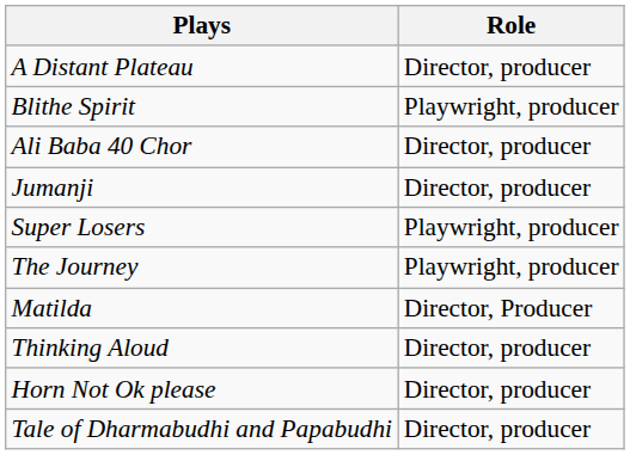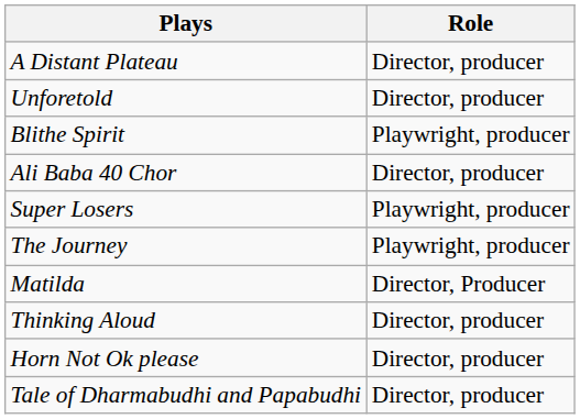 <table class="wikitable sortable">
 <tr>
 <th>Plays</th>
 <th>Role</th>
 </tr>
 <tr>
 <td><em>A Distant Plateau</em></td>
 <td>Director, producer</td>
 </tr>
 <tr>
+<td><em>Unforetold</em></td>
+<td>Director, producer</td>
+</tr>
+<tr>
 <td><em>Blithe Spirit</em></td>
 <td>Playwright, producer</td>
 </tr>
 <tr>
 <td><em>Ali Baba 40 Chor</em></td>
-<td>Director, producer</td>
-</tr>
-<tr>
-<td><em>Jumanji</em> </td>
 <td>Director, producer</td>
 </tr>
 <tr>
 <td><em>Super Losers</em> </td>
 <td>Playwright, producer</td>
 </tr>
 <tr>
 <td><em>The Journey</em></td>
 <td>Playwright, producer</td>
 </tr>
 <tr>
 <td><em>Matilda</em></td>
 <td>Director, Producer</td>
 </tr>
 <tr>
 <td><em>Thinking Aloud</em></td>
 <td>Director, producer</td>
 </tr>
 <tr>
 <td><em>Horn Not Ok please</em></td>
 <td>Director, producer</td>
 </tr>
 <tr>
 <td><em>Tale of Dharmabudhi and Papabudhi</em></td>
 <td>Director, producer</td>
 </tr>
 </table>
